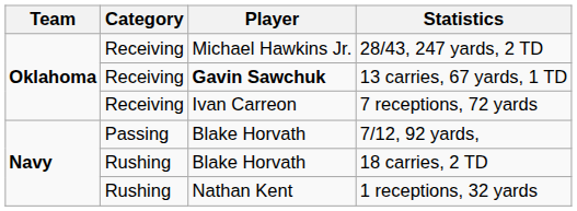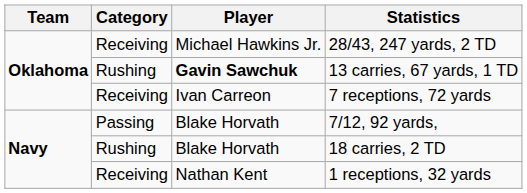 <table class="wikitable" style="float: right;">
 <tr>
 <th>Team</th>
 <th>Category</th>
 <th>Player</th>
 <th>Statistics</th>
 </tr>
 <tr>
 <td rowspan=3><strong>Oklahoma  </strong></td>
 <td>Receiving</td>
 <td>Michael Hawkins Jr.</td>
 <td>28/43, 247 yards, 2 TD</td>
 </tr>
 <tr>
-<td>Receiving</td>
+<td>Rushing</td>
 <td><strong>Gavin Sawchuk</strong></td>
 <td>13 carries, 67 yards, 1 TD</td>
 </tr>
 <tr>
 <td>Receiving</td>
 <td>Ivan Carreon</td>
 <td>7 receptions, 72 yards</td>
 </tr>
 <tr>
 <td rowspan=3><strong>Navy</strong></td>
 <td>Passing</td>
 <td>Blake Horvath</td>
 <td>7/12, 92 yards,</td>
 </tr>
 <tr>
 <td>Rushing</td>
 <td>Blake Horvath</td>
 <td>18 carries, 2 TD</td>
 </tr>
 <tr>
-<td>Rushing</td>
+<td>Receiving</td>
 <td>Nathan Kent</td>
 <td>1 receptions, 32 yards</td>
 </tr>
 </table>
